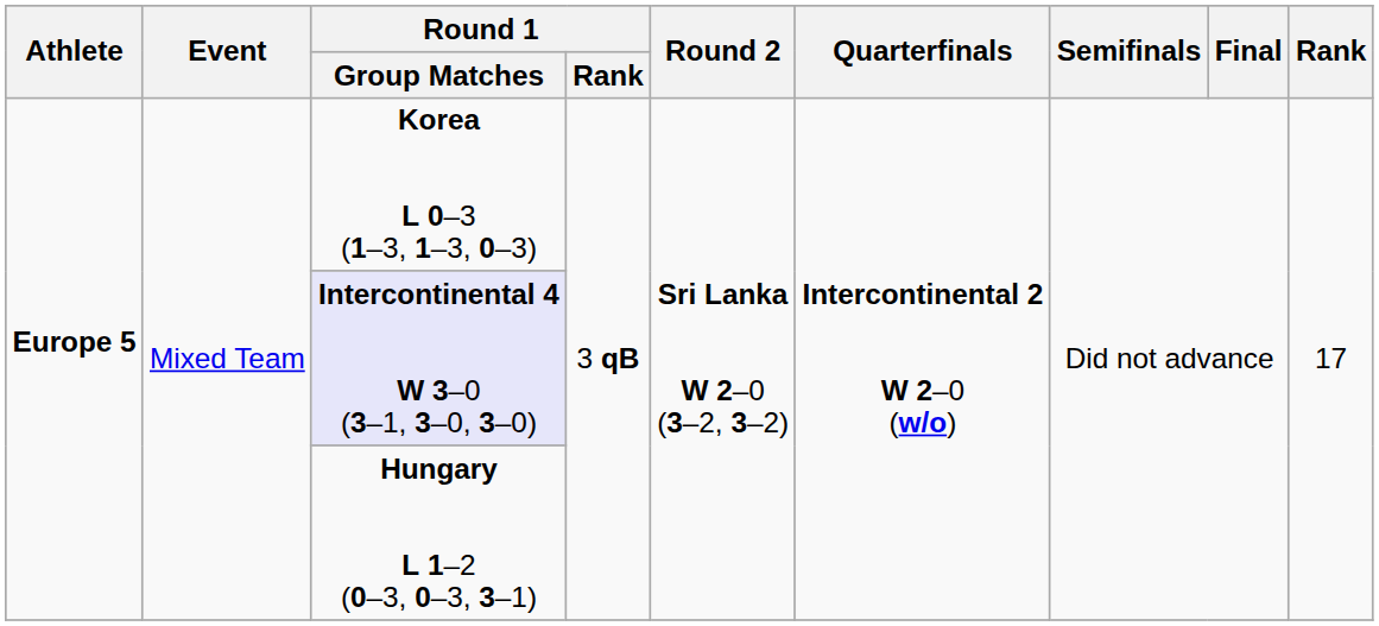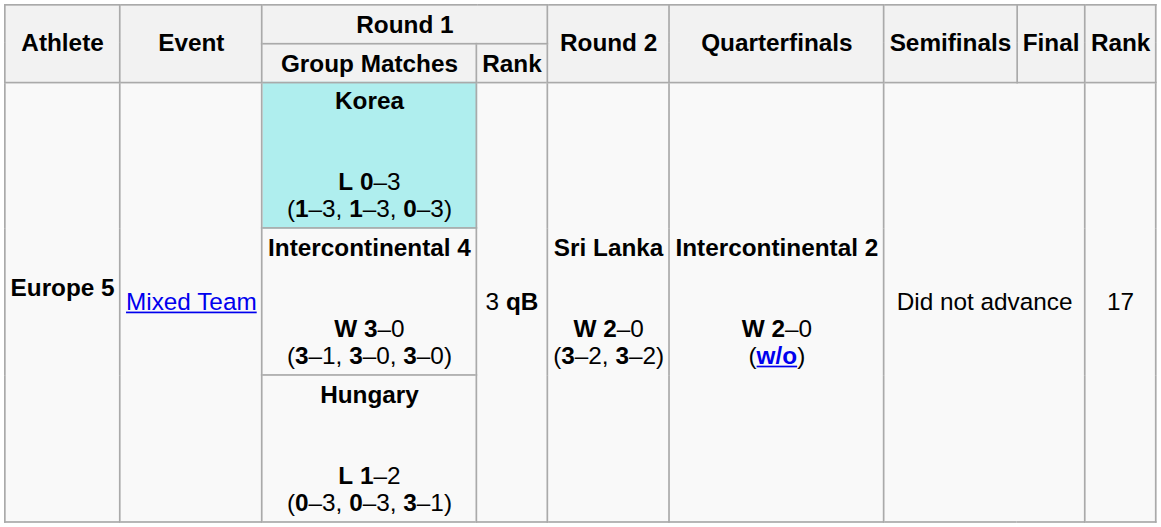 <table class="wikitable" border="1" style="font-size:90%">
 <tr>
 <th rowspan=2>Athlete</th>
 <th rowspan=2>Event</th>
 <th colspan=2>Round 1</th>
 <th rowspan=2>Round 2</th>
 <th rowspan=2>Quarterfinals</th>
 <th rowspan=2>Semifinals</th>
 <th rowspan=2>Final</th>
 <th rowspan=2>Rank</th>
 </tr>
 <tr>
 <th>Group Matches</th>
 <th>Rank</th>
 </tr>
 <tr>
 <td rowspan="3"><strong>Europe 5</strong><br><br></td>
 <td rowspan=3><a href='#'>Mixed Team</a></td>
-<td align=center><strong>Korea</strong><br><br><br> <strong>L</strong> <strong>0</strong>–3 <br> (<strong>1</strong>–3, <strong>1</strong>–3, <strong>0</strong>–3)</td>
+<td align=center style="background: paleturquoise;"><strong>Korea</strong><br><br><br> <strong>L</strong> <strong>0</strong>–3 <br> (<strong>1</strong>–3, <strong>1</strong>–3, <strong>0</strong>–3)</td>
 <td rowspan=3 align=center>3 <strong>qB</strong></td>
 <td align=center rowspan=3><strong>Sri Lanka</strong><br><br><br> <strong>W</strong> <strong>2</strong>–0 <br> (<strong>3</strong>–2, <strong>3</strong>–2)</td>
 <td align=center rowspan=3><strong>Intercontinental 2</strong><br><br><br> <strong>W</strong> <strong>2</strong>–0 <br> (<strong><a href='#'>w/o</a></strong>)</td>
 <td rowspan=3 colspan=2 align=center>Did not advance</td>
 <td rowspan=3 align=center>17</td>
 </tr>
 <tr>
-<td align=center style="background: lavender;"><strong>Intercontinental 4</strong><br><br><br> <strong>W</strong> <strong>3</strong>–0 <br> (<strong>3</strong>–1, <strong>3</strong>–0, <strong>3</strong>–0)</td>
+<td align=center><strong>Intercontinental 4</strong><br><br><br> <strong>W</strong> <strong>3</strong>–0 <br> (<strong>3</strong>–1, <strong>3</strong>–0, <strong>3</strong>–0)</td>
 </tr>
 <tr>
 <td align=center><strong>Hungary</strong><br><br><br> <strong>L</strong> <strong>1</strong>–2 <br> (<strong>0</strong>–3, <strong>0</strong>–3, <strong>3</strong>–1)</td>
 </tr>
 </table>
